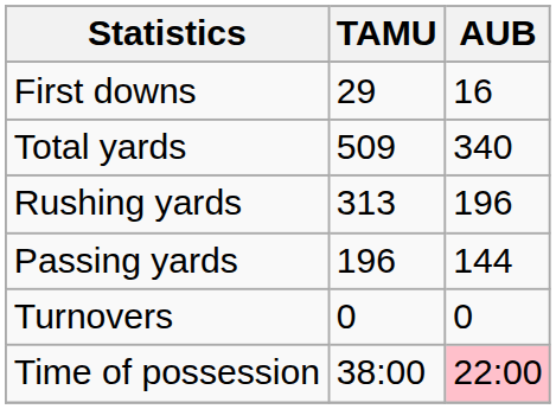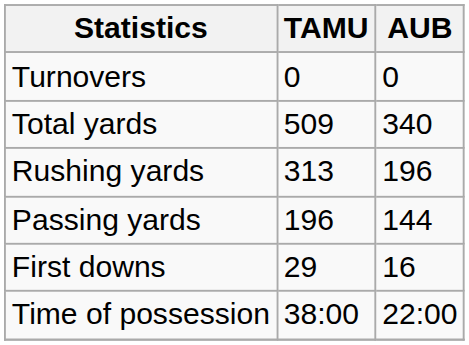 <table class="wikitable" style="float: left;">
 <tr>
 <th>Statistics</th>
 <th>TAMU</th>
 <th>AUB</th>
 </tr>
 <tr>
-<td>First downs</td>
-<td>29</td>
-<td>16</td>
+<td>Turnovers</td>
+<td>0</td>
+<td>0</td>
 </tr>
 <tr>
 <td>Total yards</td>
 <td>509</td>
 <td>340</td>
 </tr>
 <tr>
 <td>Rushing yards</td>
 <td>313</td>
 <td>196</td>
 </tr>
 <tr>
 <td>Passing yards</td>
 <td>196</td>
 <td>144</td>
 </tr>
 <tr>
-<td>Turnovers</td>
-<td>0</td>
-<td>0</td>
+<td>First downs</td>
+<td>29</td>
+<td>16</td>
 </tr>
 <tr>
 <td>Time of possession</td>
 <td>38:00</td>
-<td style="background: pink;">22:00</td>
+<td>22:00</td>
 </tr>
 <tr>
 </tr>
 </table>
